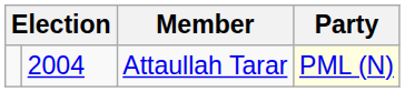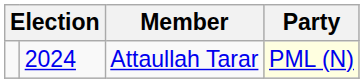 <table class="wikitable">
 <tr>
 <th colspan="2">Election</th>
 <th>Member</th>
 <th>Party</th>
 </tr>
 <tr>
 <td style="background-color: "></td>
-<td><a href='#'>2004</a></td>
+<td><a href='#'>2024</a></td>
 <td><a href='#'>Attaullah Tarar</a></td>
 <td style="background: lightyellow;"><a href='#'>PML (N)</a></td>
 </tr>
 </table>
